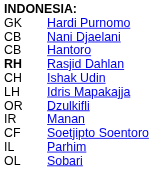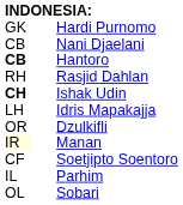 <table cellspacing="0" cellpadding="0" style="font-size:90%; margin:auto;">
 <tr>
 <td colspan="4"><strong>INDONESIA:</strong></td>
 </tr>
 <tr>
 <th width="25"></th>
 <th width="25"></th>
 </tr>
 <tr>
 <td>GK</td>
 <td><strong></strong></td>
 <td><a href='#'>Hardi Purnomo</a></td>
 </tr>
 <tr>
 <td>CB</td>
 <td><strong></strong></td>
 <td><a href='#'>Nani Djaelani</a></td>
 </tr>
 <tr>
-<td>CB</td>
+<td><strong>CB</strong></td>
 <td><strong></strong></td>
 <td><a href='#'>Hantoro</a></td>
 </tr>
 <tr>
-<td><strong>RH</strong></td>
+<td>RH</td>
 <td><strong></strong></td>
 <td><a href='#'>Rasjid Dahlan</a></td>
 </tr>
 <tr>
-<td>CH</td>
+<td><strong>CH</strong></td>
 <td><strong></strong></td>
 <td><a href='#'>Ishak Udin</a></td>
 </tr>
 <tr>
 <td>LH</td>
 <td><strong></strong></td>
 <td><a href='#'>Idris Mapakajja</a></td>
 </tr>
 <tr>
 <td>OR</td>
 <td><strong></strong></td>
 <td><a href='#'>Dzulkifli</a></td>
 </tr>
 <tr>
-<td>IR</td>
+<td style="background: lightyellow;">IR</td>
 <td><strong></strong></td>
 <td><a href='#'>Manan</a></td>
 </tr>
 <tr>
 <td>CF</td>
 <td><strong></strong></td>
 <td><a href='#'>Soetjipto Soentoro</a></td>
 </tr>
 <tr>
 <td>IL</td>
 <td><strong></strong></td>
 <td><a href='#'>Parhim</a></td>
 </tr>
 <tr>
 <td>OL</td>
 <td><strong></strong></td>
 <td><a href='#'>Sobari</a></td>
 </tr>
 <tr>
 </tr>
 </table>
